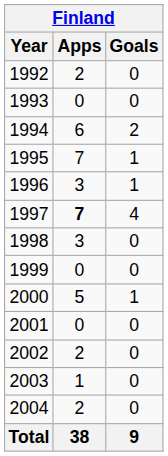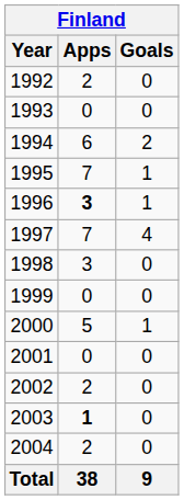 <table class=wikitable style=text-align:center>
 <tr>
 <th colspan=4><a href='#'>Finland</a></th>
 </tr>
 <tr>
 <th>Year</th>
 <th>Apps</th>
 <th>Goals</th>
 </tr>
 <tr>
 <td>1992</td>
 <td>2</td>
 <td>0</td>
 </tr>
 <tr>
 <td>1993</td>
 <td>0</td>
 <td>0</td>
 </tr>
 <tr>
 <td>1994</td>
 <td>6</td>
 <td>2</td>
 </tr>
 <tr>
 <td>1995</td>
 <td>7</td>
 <td>1</td>
 </tr>
 <tr>
 <td>1996</td>
-<td>3</td>
+<td><strong>3</strong></td>
 <td>1</td>
 </tr>
 <tr>
 <td>1997</td>
-<td><strong>7</strong></td>
+<td>7</td>
 <td>4</td>
 </tr>
 <tr>
 <td>1998</td>
 <td>3</td>
 <td>0</td>
 </tr>
 <tr>
 <td>1999</td>
 <td>0</td>
 <td>0</td>
 </tr>
 <tr>
 <td>2000</td>
 <td>5</td>
 <td>1</td>
 </tr>
 <tr>
 <td>2001</td>
 <td>0</td>
 <td>0</td>
 </tr>
 <tr>
 <td>2002</td>
 <td>2</td>
 <td>0</td>
 </tr>
 <tr>
 <td>2003</td>
-<td>1</td>
+<td><strong>1</strong></td>
 <td>0</td>
 </tr>
 <tr>
 <td>2004</td>
 <td>2</td>
 <td>0</td>
 </tr>
 <tr>
 <th colspan=1>Total</th>
 <th>38</th>
 <th>9</th>
 </tr>
 </table>
